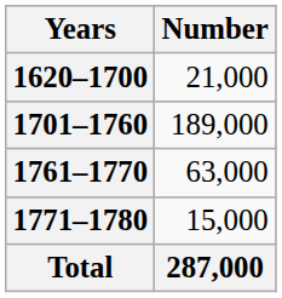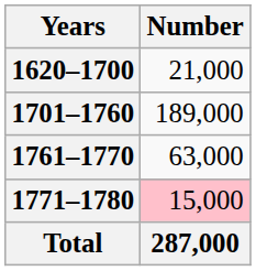 <table class="wikitable">
 <tr>
 <th>Years</th>
 <th>Number</th>
 </tr>
 <tr>
 <th>1620–1700</th>
 <td align="right">21,000</td>
 </tr>
 <tr>
 <th>1701–1760</th>
 <td align="right">189,000</td>
 </tr>
 <tr>
 <th>1761–1770</th>
 <td align="right">63,000</td>
 </tr>
 <tr>
 <th>1771–1780</th>
-<td align="right">15,000</td>
+<td align="right" style="background: pink;">15,000</td>
 </tr>
 <tr>
 <th>Total</th>
 <th align="right">287,000</th>
 </tr>
 </table>
